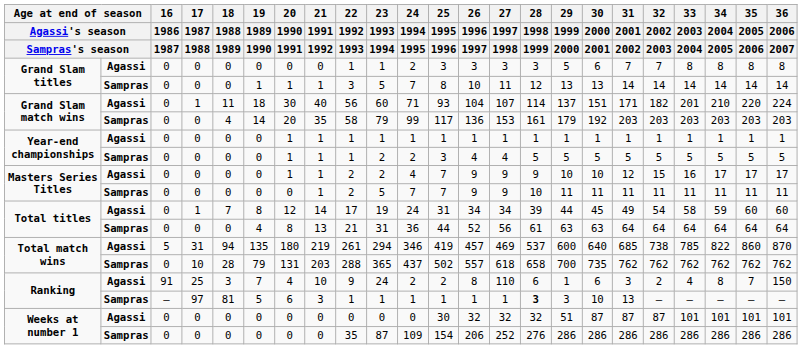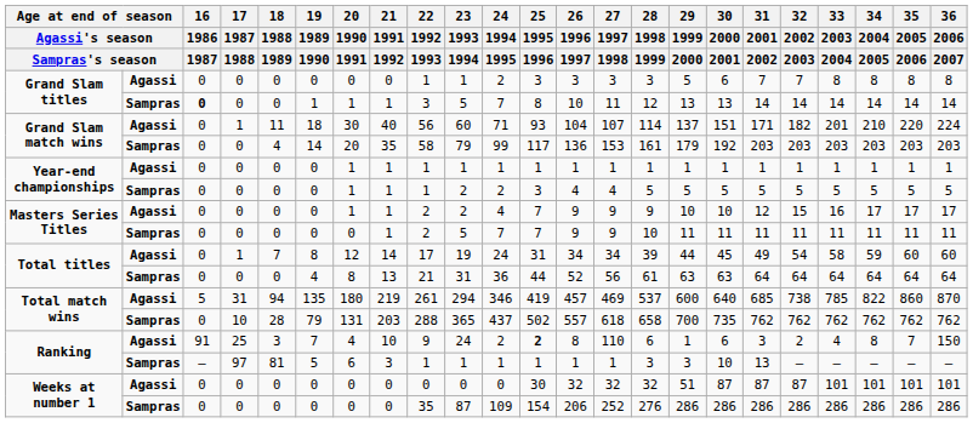 <table class=wikitable style=text-align:center;font-size:90%>
 <tr>
 <th colspan=2>Age at end of season</th>
 <th>16</th>
 <th>17</th>
 <th>18</th>
 <th>19</th>
 <th>20</th>
 <th>21</th>
 <th>22</th>
 <th>23</th>
 <th>24</th>
 <th>25</th>
 <th>26</th>
 <th>27</th>
 <th>28</th>
 <th>29</th>
 <th>30</th>
 <th>31</th>
 <th>32</th>
 <th>33</th>
 <th>34</th>
 <th>35</th>
 <th>36</th>
 </tr>
 <tr>
 <th colspan=2> <a href='#'>Agassi</a>'s season</th>
 <th>1986</th>
 <th>1987</th>
 <th>1988</th>
 <th>1989</th>
 <th>1990</th>
 <th>1991</th>
 <th>1992</th>
 <th>1993</th>
 <th>1994</th>
 <th>1995</th>
 <th>1996</th>
 <th>1997</th>
 <th>1998</th>
 <th>1999</th>
 <th>2000</th>
 <th>2001</th>
 <th>2002</th>
 <th>2003</th>
 <th>2004</th>
 <th>2005</th>
 <th>2006</th>
 </tr>
 <tr>
 <th colspan=2> <a href='#'>Sampras</a>'s season</th>
 <th>1987</th>
 <th>1988</th>
 <th>1989</th>
 <th>1990</th>
 <th>1991</th>
 <th>1992</th>
 <th>1993</th>
 <th>1994</th>
 <th>1995</th>
 <th>1996</th>
 <th>1997</th>
 <th>1998</th>
 <th>1999</th>
 <th>2000</th>
 <th>2001</th>
 <th>2002</th>
 <th>2003</th>
 <th>2004</th>
 <th>2005</th>
 <th>2006</th>
 <th>2007</th>
 </tr>
 <tr>
 <td rowspan=2><strong>Grand Slam titles</strong></td>
 <td><strong>Agassi</strong></td>
 <td>0</td>
 <td>0</td>
 <td>0</td>
 <td>0</td>
 <td>0</td>
 <td>0</td>
 <td>1</td>
 <td>1</td>
 <td>2</td>
 <td>3</td>
 <td>3</td>
 <td>3</td>
 <td>3</td>
 <td>5</td>
 <td>6</td>
 <td>7</td>
 <td>7</td>
 <td>8</td>
 <td>8</td>
 <td>8</td>
 <td>8</td>
 </tr>
 <tr>
 <td><strong>Sampras</strong></td>
-<td>0</td>
+<td><strong>0</strong></td>
 <td>0</td>
 <td>0</td>
 <td>1</td>
 <td>1</td>
 <td>1</td>
 <td>3</td>
 <td>5</td>
 <td>7</td>
 <td>8</td>
 <td>10</td>
 <td>11</td>
 <td>12</td>
 <td>13</td>
 <td>13</td>
 <td>14</td>
 <td>14</td>
 <td>14</td>
 <td>14</td>
 <td>14</td>
 <td>14</td>
 </tr>
 <tr>
 <td rowspan=2><strong>Grand Slam match wins</strong></td>
 <td><strong>Agassi</strong></td>
 <td>0</td>
 <td>1</td>
 <td>11</td>
 <td>18</td>
 <td>30</td>
 <td>40</td>
 <td>56</td>
 <td>60</td>
 <td>71</td>
 <td>93</td>
 <td>104</td>
 <td>107</td>
 <td>114</td>
 <td>137</td>
 <td>151</td>
 <td>171</td>
 <td>182</td>
 <td>201</td>
 <td>210</td>
 <td>220</td>
 <td>224</td>
 </tr>
 <tr>
 <td><strong>Sampras</strong></td>
 <td>0</td>
 <td>0</td>
 <td>4</td>
 <td>14</td>
 <td>20</td>
 <td>35</td>
 <td>58</td>
 <td>79</td>
 <td>99</td>
 <td>117</td>
 <td>136</td>
 <td>153</td>
 <td>161</td>
 <td>179</td>
 <td>192</td>
 <td>203</td>
 <td>203</td>
 <td>203</td>
 <td>203</td>
 <td>203</td>
 <td>203</td>
 </tr>
 <tr>
 <td rowspan=2><strong>Year-end championships</strong></td>
 <td><strong>Agassi</strong></td>
 <td>0</td>
 <td>0</td>
 <td>0</td>
 <td>0</td>
 <td>1</td>
 <td>1</td>
 <td>1</td>
 <td>1</td>
 <td>1</td>
 <td>1</td>
 <td>1</td>
 <td>1</td>
 <td>1</td>
 <td>1</td>
 <td>1</td>
 <td>1</td>
 <td>1</td>
 <td>1</td>
 <td>1</td>
 <td>1</td>
 <td>1</td>
 </tr>
 <tr>
 <td><strong>Sampras</strong></td>
 <td>0</td>
 <td>0</td>
 <td>0</td>
 <td>0</td>
 <td>1</td>
 <td>1</td>
 <td>1</td>
 <td>2</td>
 <td>2</td>
 <td>3</td>
 <td>4</td>
 <td>4</td>
 <td>5</td>
 <td>5</td>
 <td>5</td>
 <td>5</td>
 <td>5</td>
 <td>5</td>
 <td>5</td>
 <td>5</td>
 <td>5</td>
 </tr>
 <tr>
 <td rowspan=2><strong>Masters Series Titles</strong></td>
 <td><strong>Agassi</strong></td>
 <td>0</td>
 <td>0</td>
 <td>0</td>
 <td>0</td>
 <td>1</td>
 <td>1</td>
 <td>2</td>
 <td>2</td>
 <td>4</td>
 <td>7</td>
 <td>9</td>
 <td>9</td>
 <td>9</td>
 <td>10</td>
 <td>10</td>
 <td>12</td>
 <td>15</td>
 <td>16</td>
 <td>17</td>
 <td>17</td>
 <td>17</td>
 </tr>
 <tr>
 <td><strong>Sampras</strong></td>
 <td>0</td>
 <td>0</td>
 <td>0</td>
 <td>0</td>
 <td>0</td>
 <td>1</td>
 <td>2</td>
 <td>5</td>
 <td>7</td>
 <td>7</td>
 <td>9</td>
 <td>9</td>
 <td>10</td>
 <td>11</td>
 <td>11</td>
 <td>11</td>
 <td>11</td>
 <td>11</td>
 <td>11</td>
 <td>11</td>
 <td>11</td>
 </tr>
 <tr>
 <td rowspan=2><strong>Total titles</strong></td>
 <td><strong>Agassi</strong></td>
 <td>0</td>
 <td>1</td>
 <td>7</td>
 <td>8</td>
 <td>12</td>
 <td>14</td>
 <td>17</td>
 <td>19</td>
 <td>24</td>
 <td>31</td>
 <td>34</td>
 <td>34</td>
 <td>39</td>
 <td>44</td>
 <td>45</td>
 <td>49</td>
 <td>54</td>
 <td>58</td>
 <td>59</td>
 <td>60</td>
 <td>60</td>
 </tr>
 <tr>
 <td><strong>Sampras</strong></td>
 <td>0</td>
 <td>0</td>
 <td>0</td>
 <td>4</td>
 <td>8</td>
 <td>13</td>
 <td>21</td>
 <td>31</td>
 <td>36</td>
 <td>44</td>
 <td>52</td>
 <td>56</td>
 <td>61</td>
 <td>63</td>
 <td>63</td>
 <td>64</td>
 <td>64</td>
 <td>64</td>
 <td>64</td>
 <td>64</td>
 <td>64</td>
 </tr>
 <tr>
 <td rowspan=2><strong>Total match wins</strong></td>
 <td><strong>Agassi</strong></td>
 <td>5</td>
 <td>31</td>
 <td>94</td>
 <td>135</td>
 <td>180</td>
 <td>219</td>
 <td>261</td>
 <td>294</td>
 <td>346</td>
 <td>419</td>
 <td>457</td>
 <td>469</td>
 <td>537</td>
 <td>600</td>
 <td>640</td>
 <td>685</td>
 <td>738</td>
 <td>785</td>
 <td>822</td>
 <td>860</td>
 <td>870</td>
 </tr>
 <tr>
 <td><strong>Sampras</strong></td>
 <td>0</td>
 <td>10</td>
 <td>28</td>
 <td>79</td>
 <td>131</td>
 <td>203</td>
 <td>288</td>
 <td>365</td>
 <td>437</td>
 <td>502</td>
 <td>557</td>
 <td>618</td>
 <td>658</td>
 <td>700</td>
 <td>735</td>
 <td>762</td>
 <td>762</td>
 <td>762</td>
 <td>762</td>
 <td>762</td>
 <td>762</td>
 </tr>
 <tr>
 <td rowspan=2><strong>Ranking</strong></td>
 <td><strong>Agassi</strong></td>
 <td>91</td>
 <td>25</td>
 <td>3</td>
 <td>7</td>
 <td>4</td>
 <td>10</td>
 <td>9</td>
 <td>24</td>
 <td>2</td>
-<td>2</td>
+<td><strong>2</strong></td>
 <td>8</td>
 <td>110</td>
 <td>6</td>
 <td>1</td>
 <td>6</td>
 <td>3</td>
 <td>2</td>
 <td>4</td>
 <td>8</td>
 <td>7</td>
 <td>150</td>
 </tr>
 <tr>
 <td><strong>Sampras</strong></td>
 <td>–</td>
 <td>97</td>
 <td>81</td>
 <td>5</td>
 <td>6</td>
 <td>3</td>
 <td>1</td>
 <td>1</td>
 <td>1</td>
 <td>1</td>
 <td>1</td>
 <td>1</td>
-<td><strong>3</strong></td>
+<td>3</td>
 <td>3</td>
 <td>10</td>
 <td>13</td>
 <td>–</td>
 <td>–</td>
 <td>–</td>
 <td>–</td>
 <td>–</td>
 </tr>
 <tr>
 <td rowspan=2><strong>Weeks at number 1</strong></td>
 <td><strong>Agassi</strong></td>
 <td>0</td>
 <td>0</td>
 <td>0</td>
 <td>0</td>
 <td>0</td>
 <td>0</td>
 <td>0</td>
 <td>0</td>
 <td>0</td>
 <td>30</td>
 <td>32</td>
 <td>32</td>
 <td>32</td>
 <td>51</td>
 <td>87</td>
 <td>87</td>
 <td>87</td>
 <td>101</td>
 <td>101</td>
 <td>101</td>
 <td>101</td>
 </tr>
 <tr>
 <td><strong>Sampras</strong></td>
 <td>0</td>
 <td>0</td>
 <td>0</td>
 <td>0</td>
 <td>0</td>
 <td>0</td>
 <td>35</td>
 <td>87</td>
 <td>109</td>
 <td>154</td>
 <td>206</td>
 <td>252</td>
 <td>276</td>
 <td>286</td>
 <td>286</td>
 <td>286</td>
 <td>286</td>
 <td>286</td>
 <td>286</td>
 <td>286</td>
 <td>286</td>
 </tr>
 </table>
